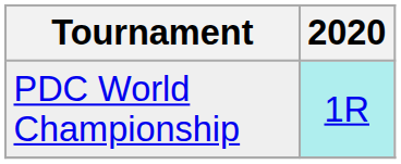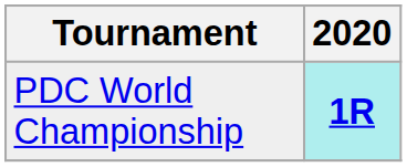 <table class="wikitable" style="width:20%; margin:0">
 <tr>
 <th>Tournament</th>
 <th>2020</th>
 </tr>
 <tr>
 <td style="background:#efefef;"><a href='#'>PDC World Championship</a></td>
-<td style="text-align:center; background:#afeeee;"><a href='#'>1R</a></td>
+<td style="text-align:center; background:#afeeee;"><strong><a href='#'>1R</a></strong></td>
 </tr>
 <tr>
 </tr>
 </table>
